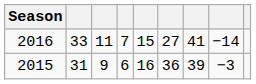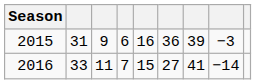 <table class="wikitable" style="text-align:center;">
 <tr>
 <th>Season</th>
 <th></th>
 <th></th>
 <th></th>
 <th></th>
 <th></th>
 <th></th>
 <th></th>
 <th></th>
 </tr>
 <tr>
+<td>2015</td>
+<td>31</td>
+<td>9</td>
+<td>6</td>
+<td>16</td>
+<td>36</td>
+<td>39</td>
+<td>−3</td>
+<td></td>
+</tr>
+<tr>
 <td>2016</td>
 <td>33</td>
 <td>11</td>
 <td>7</td>
 <td>15</td>
 <td>27</td>
 <td>41</td>
 <td>−14</td>
 <td></td>
 </tr>
-<tr>
-<td>2015</td>
-<td>31</td>
-<td>9</td>
-<td>6</td>
-<td>16</td>
-<td>36</td>
-<td>39</td>
-<td>−3</td>
-<td></td>
-</tr>
 </table>
